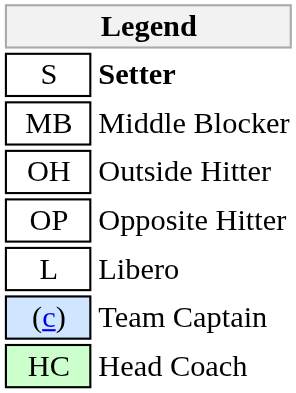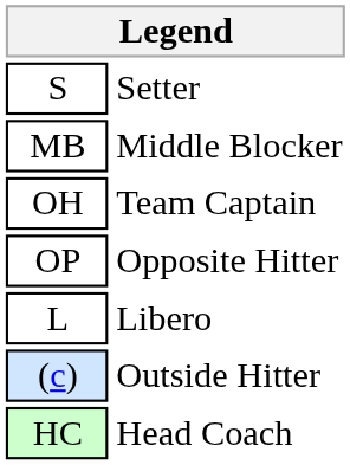 <table class="toccolours" style="float: right; font-size: 90%; white-space: nowrap; valign: middle">
 <tr>
 <th colspan="6" style="background-color: #F2F2F2; border: 1px solid #AAAAAA;">Legend</th>
 </tr>
 <tr>
 <td style="border: 1px solid black;" align=center>  S  </td>
-<td><strong>Setter</strong></td>
+<td>Setter</td>
 </tr>
 <tr>
 <td style="border: 1px solid black;" align=center>  MB  </td>
 <td>Middle Blocker</td>
 </tr>
 <tr>
 <td style="border: 1px solid black;" align=center>  OH  </td>
-<td>Outside Hitter</td>
+<td>Team Captain</td>
 </tr>
 <tr>
 <td style="border: 1px solid black;" align=center>  OP  </td>
 <td>Opposite Hitter</td>
 </tr>
 <tr>
 <td style="border: 1px solid black;" align=center>  L  </td>
 <td>Libero</td>
 </tr>
 <tr>
 <td style="background: #D0E6FF; border: 1px solid black" align=center> (<a href='#'>c</a>) </td>
-<td>Team Captain</td>
+<td>Outside Hitter</td>
 </tr>
 <tr>
 <td style="background: #ccffcc; border: 1px solid black" align=center> HC </td>
 <td>Head Coach</td>
 </tr>
 <tr>
 </tr>
 </table>
